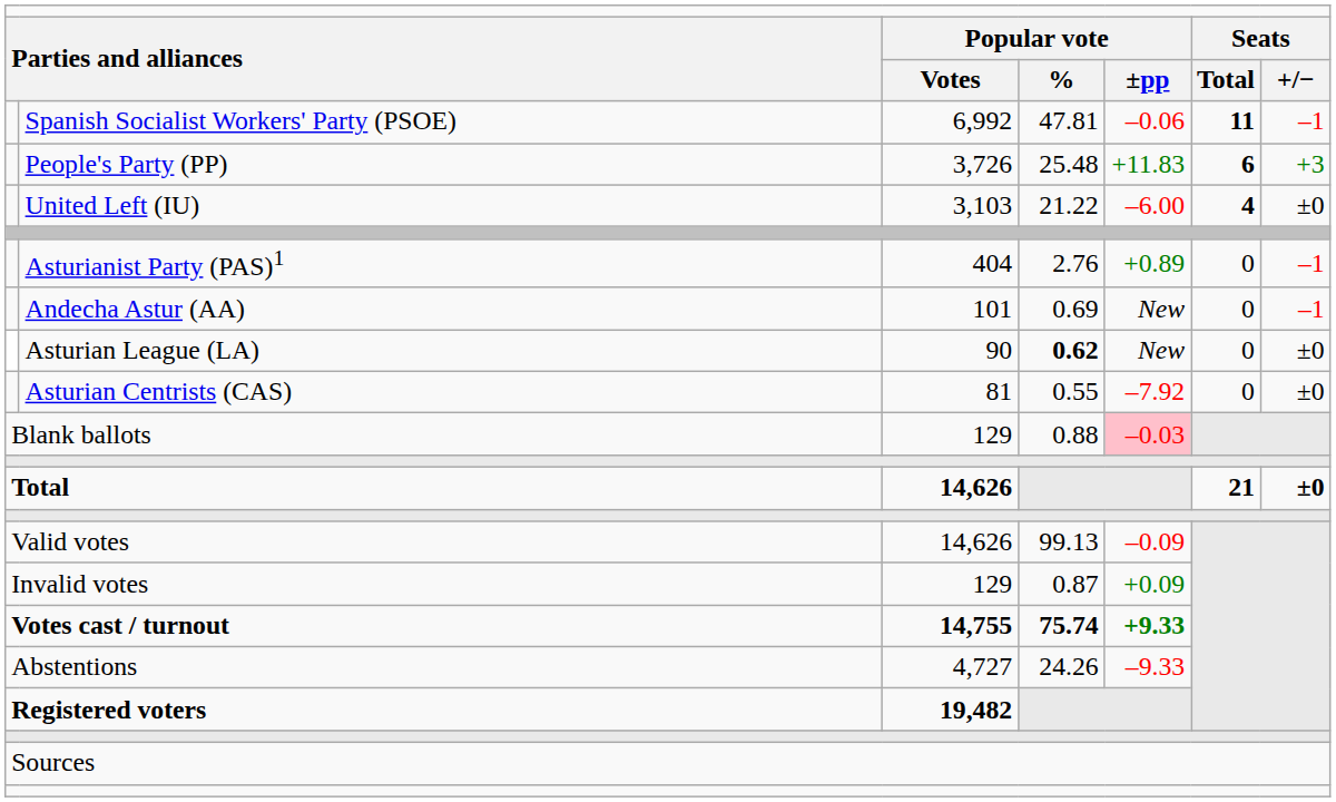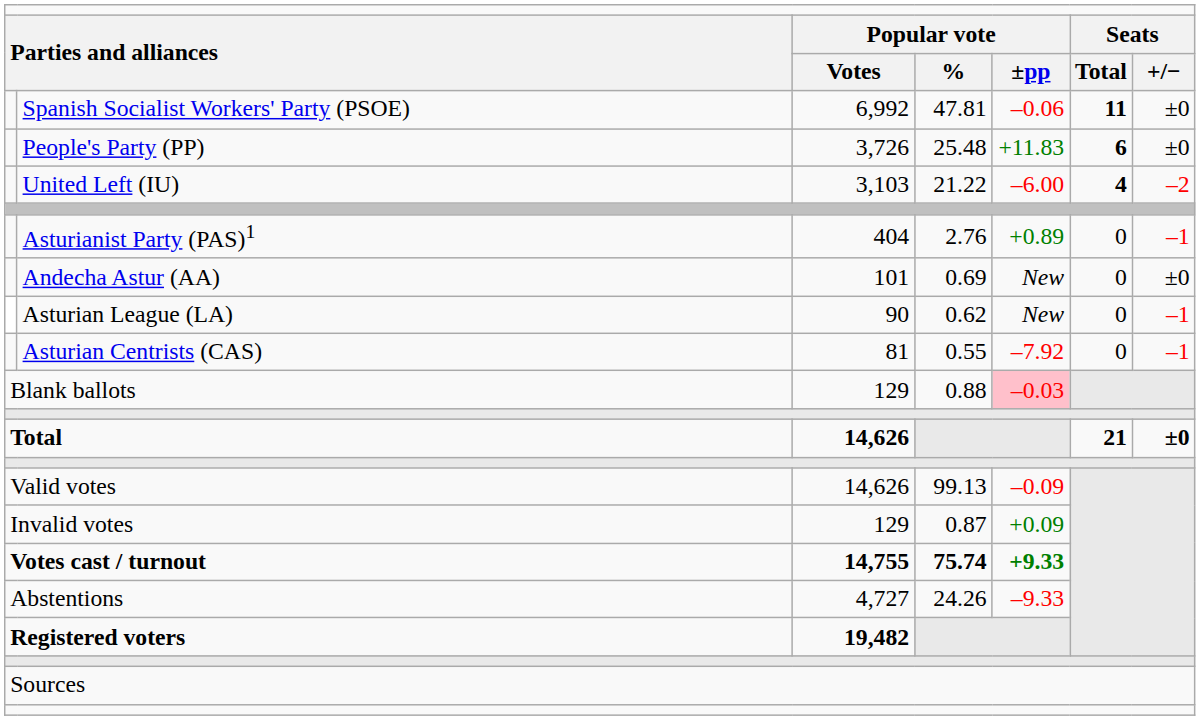 <table class="wikitable" style="text-align:right;">
 <tr>
 <td colspan="7"></td>
 </tr>
 <tr>
 <th style="text-align:left;" rowspan="2" colspan="2" width="525">Parties and alliances</th>
 <th colspan="3">Popular vote</th>
 <th colspan="2">Seats</th>
 </tr>
 <tr>
 <th width="75">Votes</th>
 <th width="45">%</th>
 <th width="45">±<a href='#'>pp</a></th>
 <th width="35">Total</th>
 <th width="35">+/−</th>
 </tr>
 <tr>
 <td width="1" style="color:inherit;background:"></td>
 <td align="left"><a href='#'>Spanish Socialist Workers' Party</a> (PSOE)</td>
 <td>6,992</td>
 <td>47.81</td>
 <td style="color:red;">–0.06</td>
 <td><strong>11</strong></td>
-<td style="color:red;">–1</td>
+<td>±0</td>
 </tr>
 <tr>
 <td style="color:inherit;background:"></td>
 <td align="left"><a href='#'>People's Party</a> (PP)</td>
 <td>3,726</td>
 <td>25.48</td>
 <td style="color:green;">+11.83</td>
 <td><strong>6</strong></td>
-<td style="color:green;">+3</td>
+<td>±0</td>
 </tr>
 <tr>
 <td style="color:inherit;background:"></td>
 <td align="left"><a href='#'>United Left</a> (IU)</td>
 <td>3,103</td>
 <td>21.22</td>
 <td style="color:red;">–6.00</td>
 <td><strong>4</strong></td>
-<td>±0</td>
+<td style="color:red;">–2</td>
 </tr>
 <tr>
 <td colspan="7" bgcolor="#C0C0C0"></td>
 </tr>
 <tr>
 <td style="color:inherit;background:"></td>
 <td align="left"><a href='#'>Asturianist Party</a> (PAS)<sup>1</sup></td>
 <td>404</td>
 <td>2.76</td>
 <td style="color:green;">+0.89</td>
 <td>0</td>
 <td style="color:red;">–1</td>
 </tr>
 <tr>
 <td style="color:inherit;background:"></td>
 <td align="left"><a href='#'>Andecha Astur</a> (AA)</td>
 <td>101</td>
 <td>0.69</td>
 <td><em>New</em></td>
 <td>0</td>
-<td style="color:red;">–1</td>
+<td>±0</td>
 </tr>
 <tr>
 <td bgcolor="white"></td>
 <td align="left">Asturian League (LA)</td>
 <td>90</td>
-<td><strong>0.62</strong></td>
+<td>0.62</td>
 <td><em>New</em></td>
 <td>0</td>
-<td>±0</td>
+<td style="color:red;">–1</td>
 </tr>
 <tr>
 <td style="color:inherit;background:"></td>
 <td align="left"><a href='#'>Asturian Centrists</a> (CAS)</td>
 <td>81</td>
 <td>0.55</td>
 <td style="color:red;">–7.92</td>
 <td>0</td>
-<td>±0</td>
+<td style="color:red;">–1</td>
 </tr>
 <tr>
 <td align="left" colspan="2">Blank ballots</td>
 <td>129</td>
 <td>0.88</td>
 <td style="background: pink; color:red;">–0.03</td>
 <td bgcolor="#E9E9E9" colspan="2"></td>
 </tr>
 <tr>
 <td colspan="7" bgcolor="#E9E9E9"></td>
 </tr>
 <tr style="font-weight:bold;">
 <td align="left" colspan="2">Total</td>
 <td>14,626</td>
 <td bgcolor="#E9E9E9" colspan="2"></td>
 <td>21</td>
 <td>±0</td>
 </tr>
 <tr>
 <td colspan="7" bgcolor="#E9E9E9"></td>
 </tr>
 <tr>
 <td align="left" colspan="2">Valid votes</td>
 <td>14,626</td>
 <td>99.13</td>
 <td style="color:red;">–0.09</td>
 <td bgcolor="#E9E9E9" colspan="2" rowspan="5"></td>
 </tr>
 <tr>
 <td align="left" colspan="2">Invalid votes</td>
 <td>129</td>
 <td>0.87</td>
 <td style="color:green;">+0.09</td>
 </tr>
 <tr style="font-weight:bold;">
 <td align="left" colspan="2">Votes cast / turnout</td>
 <td>14,755</td>
 <td>75.74</td>
 <td style="color:green;">+9.33</td>
 </tr>
 <tr>
 <td align="left" colspan="2">Abstentions</td>
 <td>4,727</td>
 <td>24.26</td>
 <td style="color:red;">–9.33</td>
 </tr>
 <tr style="font-weight:bold;">
 <td align="left" colspan="2">Registered voters</td>
 <td>19,482</td>
 <td bgcolor="#E9E9E9" colspan="2"></td>
 </tr>
 <tr>
 <td colspan="7" bgcolor="#E9E9E9"></td>
 </tr>
 <tr>
 <td align="left" colspan="7">Sources</td>
 </tr>
 <tr>
 <td colspan="7" style="text-align:left; max-width:790px;"></td>
 </tr>
 </table>
